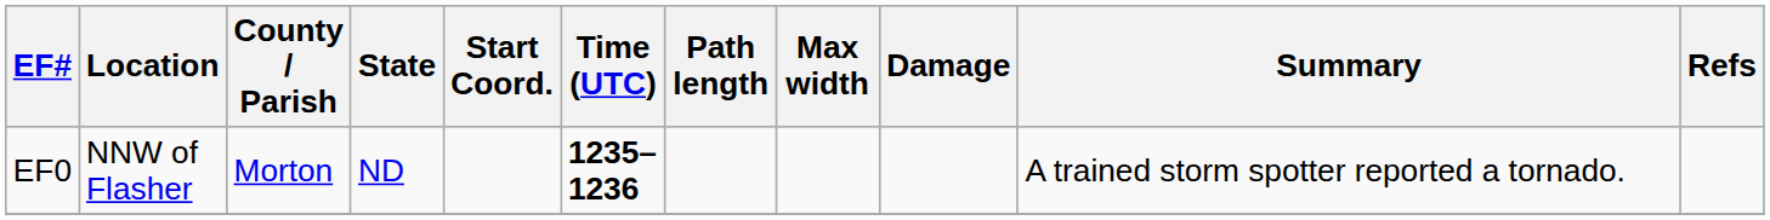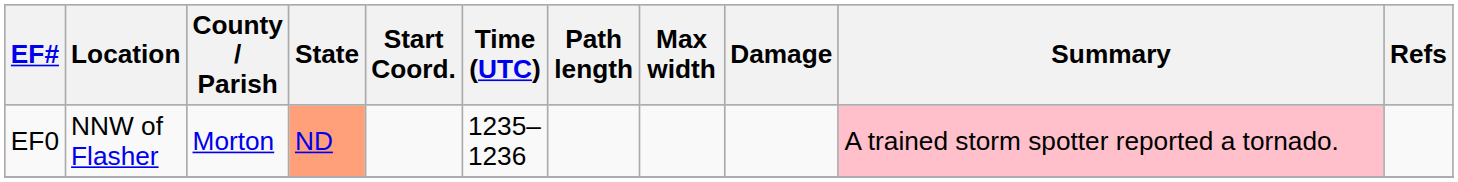 <table class="wikitable sortable" style="width:100%;">
 <tr>
 <th scope="col" width="3%" align="center"><a href='#'>EF#</a></th>
 <th scope="col" width="7%" align="center" class="unsortable">Location</th>
 <th scope="col" width="6%" align="center" class="unsortable">County / Parish</th>
 <th scope="col" width="5%" align="center">State</th>
 <th scope="col" width="6%" align="center">Start Coord.</th>
 <th scope="col" width="6%" align="center">Time (<a href='#'>UTC</a>)</th>
 <th scope="col" width="6%" align="center">Path length</th>
 <th scope="col" width="6%" align="center">Max width</th>
 <th scope="col" width="6%" align="center">Damage</th>
 <th scope="col" width="48%" class="unsortable" align="center">Summary</th>
 <th scope="col" width="48%" class="unsortable" align="center">Refs</th>
 </tr>
 <tr>
 <td>EF0</td>
 <td>NNW of <a href='#'>Flasher</a></td>
 <td><a href='#'>Morton</a></td>
-<td><a href='#'>ND</a></td>
+<td style="background: lightsalmon;"><a href='#'>ND</a></td>
 <td></td>
-<td><strong>1235–1236</strong></td>
+<td>1235–1236</td>
 <td></td>
 <td></td>
 <td></td>
-<td>A trained storm spotter reported a tornado.</td>
+<td style="background: pink;">A trained storm spotter reported a tornado.</td>
 <td></td>
 </tr>
 <tr>
 </tr>
 </table>
